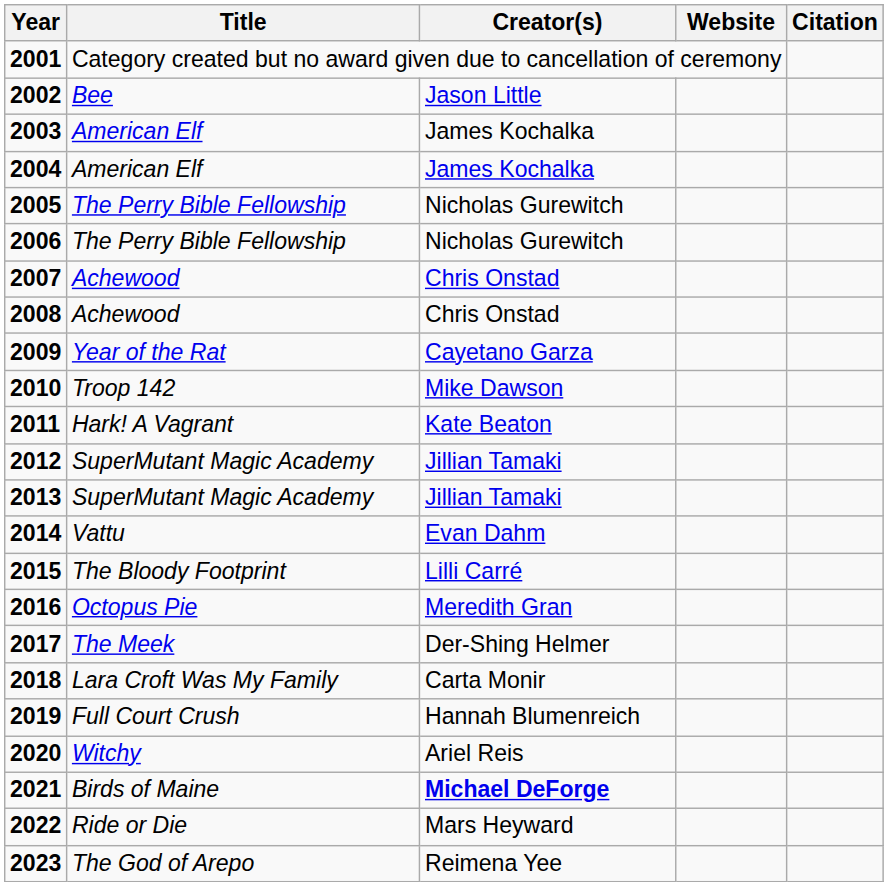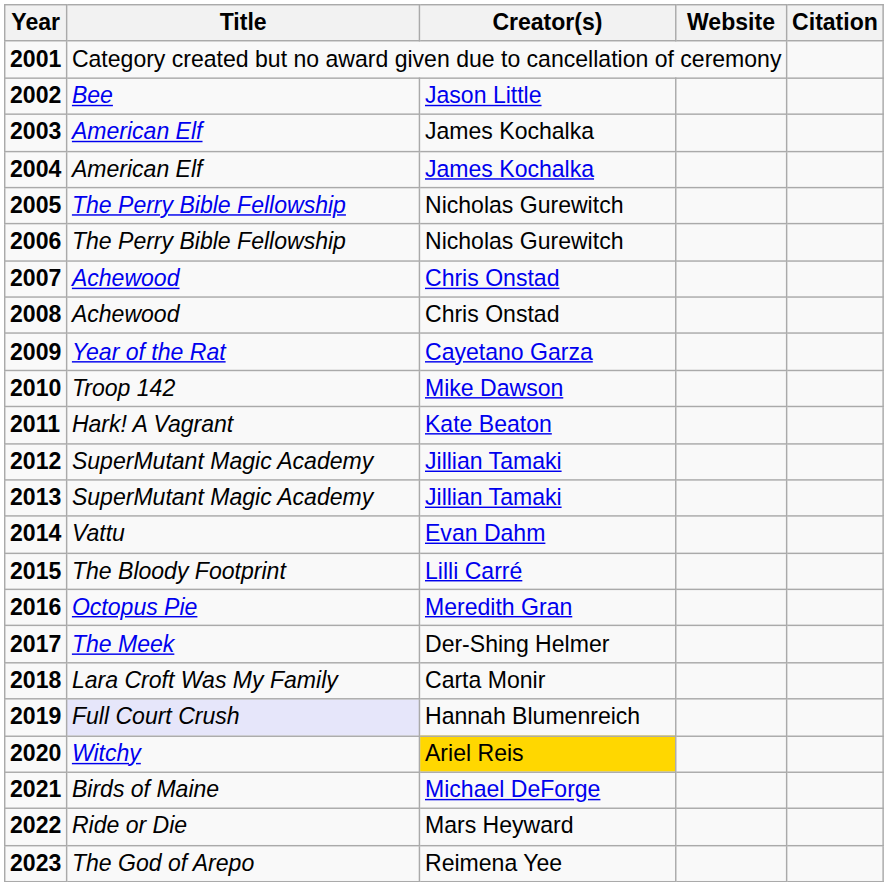 <table class="wikitable" border="1">
 <tr>
 <th>Year</th>
 <th>Title</th>
 <th>Creator(s)</th>
 <th>Website</th>
 <th>Citation</th>
 </tr>
 <tr>
 <td><strong>2001</strong></td>
 <td colspan="3">Category created but no award given due to cancellation of ceremony</td>
 <td></td>
 </tr>
 <tr>
 <td><strong>2002</strong></td>
 <td><em><a href='#'>Bee</a></em></td>
 <td><a href='#'>Jason Little</a></td>
 <td></td>
 <td></td>
 </tr>
 <tr>
 <td><strong>2003</strong></td>
 <td><em><a href='#'>American Elf</a></em></td>
 <td>James Kochalka</td>
 <td></td>
 <td></td>
 </tr>
 <tr>
 <td><strong>2004</strong></td>
 <td><em>American Elf</em></td>
 <td><a href='#'>James Kochalka</a></td>
 <td></td>
 <td></td>
 </tr>
 <tr>
 <td><strong>2005</strong></td>
 <td><em><a href='#'>The Perry Bible Fellowship</a></em></td>
 <td>Nicholas Gurewitch</td>
 <td></td>
 <td></td>
 </tr>
 <tr>
 <td><strong>2006</strong></td>
 <td><em>The Perry Bible Fellowship</em></td>
 <td>Nicholas Gurewitch</td>
 <td></td>
 <td></td>
 </tr>
 <tr>
 <td><strong>2007</strong></td>
 <td><em><a href='#'>Achewood</a></em></td>
 <td><a href='#'>Chris Onstad</a></td>
 <td></td>
 <td></td>
 </tr>
 <tr>
 <td><strong>2008</strong></td>
 <td><em>Achewood</em></td>
 <td>Chris Onstad</td>
 <td></td>
 <td></td>
 </tr>
 <tr>
 <td><strong>2009</strong></td>
 <td><em><a href='#'>Year of the Rat</a></em></td>
 <td><a href='#'>Cayetano Garza</a></td>
 <td></td>
 <td></td>
 </tr>
 <tr>
 <td><strong>2010</strong></td>
 <td><em>Troop 142</em></td>
 <td><a href='#'>Mike Dawson</a></td>
 <td></td>
 <td></td>
 </tr>
 <tr>
 <td><strong>2011</strong></td>
 <td><em>Hark! A Vagrant</em></td>
 <td><a href='#'>Kate Beaton</a></td>
 <td></td>
 <td></td>
 </tr>
 <tr>
 <td><strong>2012</strong></td>
 <td><em>SuperMutant Magic Academy</em></td>
 <td><a href='#'>Jillian Tamaki</a></td>
 <td></td>
 <td></td>
 </tr>
 <tr>
 <td><strong>2013</strong></td>
 <td><em>SuperMutant Magic Academy</em></td>
 <td><a href='#'>Jillian Tamaki</a></td>
 <td></td>
 <td></td>
 </tr>
 <tr>
 <td><strong>2014</strong></td>
 <td><em>Vattu</em></td>
 <td><a href='#'>Evan Dahm</a></td>
 <td></td>
 <td></td>
 </tr>
 <tr>
 <td><strong>2015</strong></td>
 <td><em>The Bloody Footprint</em></td>
 <td><a href='#'>Lilli Carré</a></td>
 <td></td>
 <td></td>
 </tr>
 <tr>
 <td><strong>2016</strong></td>
 <td><em><a href='#'>Octopus Pie</a></em></td>
 <td><a href='#'>Meredith Gran</a></td>
 <td></td>
 <td></td>
 </tr>
 <tr>
 <td><strong>2017</strong></td>
 <td><em><a href='#'>The Meek</a></em></td>
 <td>Der-Shing Helmer</td>
 <td></td>
 <td></td>
 </tr>
 <tr>
 <td><strong>2018</strong></td>
 <td><em>Lara Croft Was My Family</em></td>
 <td>Carta Monir</td>
 <td></td>
 <td></td>
 </tr>
 <tr>
 <td><strong>2019</strong></td>
-<td><em>Full Court Crush</em></td>
+<td style="background: lavender;"><em>Full Court Crush</em></td>
 <td>Hannah Blumenreich</td>
 <td></td>
 <td></td>
 </tr>
 <tr>
 <td><strong>2020</strong></td>
 <td><em><a href='#'>Witchy</a></em></td>
-<td>Ariel Reis</td>
+<td style="background: gold;">Ariel Reis</td>
 <td></td>
 <td></td>
 </tr>
 <tr>
 <td><strong>2021</strong></td>
 <td><em>Birds of Maine</em></td>
-<td><strong><a href='#'>Michael DeForge</a></strong></td>
+<td><a href='#'>Michael DeForge</a></td>
 <td></td>
 <td></td>
 </tr>
 <tr>
 <td><strong>2022</strong></td>
 <td><em>Ride or Die</em></td>
 <td>Mars Heyward</td>
 <td></td>
 <td></td>
 </tr>
 <tr>
 <td><strong>2023</strong></td>
 <td><em>The God of Arepo</em></td>
 <td>Reimena Yee</td>
 <td></td>
 <td></td>
 </tr>
 </table>
